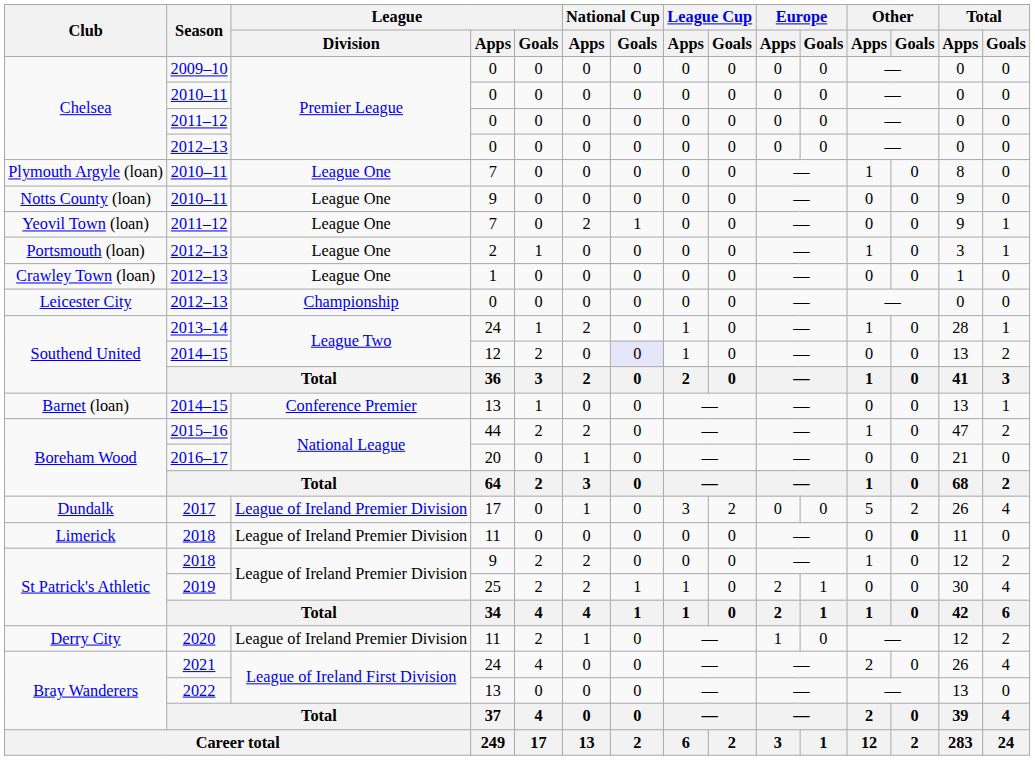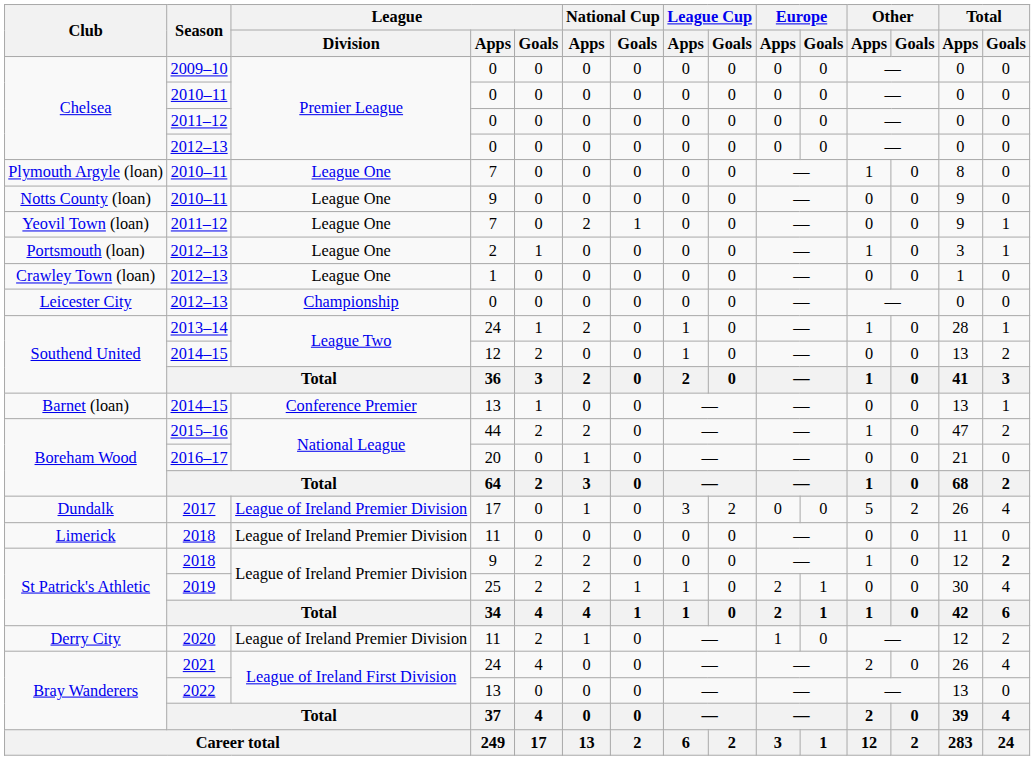 <table class="wikitable" style="text-align:center">
 <tr>
 <th rowspan="2">Club</th>
 <th rowspan="2">Season</th>
 <th colspan="3">League</th>
 <th colspan="2">National Cup</th>
 <th colspan="2"><a href='#'>League Cup</a></th>
 <th colspan="2"><a href='#'>Europe</a></th>
 <th colspan="2">Other</th>
 <th colspan="2">Total</th>
 </tr>
 <tr>
 <th>Division</th>
 <th>Apps</th>
 <th>Goals</th>
 <th>Apps</th>
 <th>Goals</th>
 <th>Apps</th>
 <th>Goals</th>
 <th>Apps</th>
 <th>Goals</th>
 <th>Apps</th>
 <th>Goals</th>
 <th>Apps</th>
 <th>Goals</th>
 </tr>
 <tr>
 <td rowspan="4"><a href='#'>Chelsea</a></td>
 <td><a href='#'>2009–10</a></td>
 <td rowspan="4"><a href='#'>Premier League</a></td>
 <td>0</td>
 <td>0</td>
 <td>0</td>
 <td>0</td>
 <td>0</td>
 <td>0</td>
 <td>0</td>
 <td>0</td>
 <td colspan="2">—</td>
 <td>0</td>
 <td>0</td>
 </tr>
 <tr>
 <td><a href='#'>2010–11</a></td>
 <td>0</td>
 <td>0</td>
 <td>0</td>
 <td>0</td>
 <td>0</td>
 <td>0</td>
 <td>0</td>
 <td>0</td>
 <td colspan="2">—</td>
 <td>0</td>
 <td>0</td>
 </tr>
 <tr>
 <td><a href='#'>2011–12</a></td>
 <td>0</td>
 <td>0</td>
 <td>0</td>
 <td>0</td>
 <td>0</td>
 <td>0</td>
 <td>0</td>
 <td>0</td>
 <td colspan="2">—</td>
 <td>0</td>
 <td>0</td>
 </tr>
 <tr>
 <td><a href='#'>2012–13</a></td>
 <td>0</td>
 <td>0</td>
 <td>0</td>
 <td>0</td>
 <td>0</td>
 <td>0</td>
 <td>0</td>
 <td>0</td>
 <td colspan="2">—</td>
 <td>0</td>
 <td>0</td>
 </tr>
 <tr>
 <td><a href='#'>Plymouth Argyle</a> (loan)</td>
 <td><a href='#'>2010–11</a></td>
 <td><a href='#'>League One</a></td>
 <td>7</td>
 <td>0</td>
 <td>0</td>
 <td>0</td>
 <td>0</td>
 <td>0</td>
 <td colspan="2">—</td>
 <td>1</td>
 <td>0</td>
 <td>8</td>
 <td>0</td>
 </tr>
 <tr>
 <td><a href='#'>Notts County</a> (loan)</td>
 <td><a href='#'>2010–11</a></td>
 <td>League One</td>
 <td>9</td>
 <td>0</td>
 <td>0</td>
 <td>0</td>
 <td>0</td>
 <td>0</td>
 <td colspan="2">—</td>
 <td>0</td>
 <td>0</td>
 <td>9</td>
 <td>0</td>
 </tr>
 <tr>
 <td><a href='#'>Yeovil Town</a> (loan)</td>
 <td><a href='#'>2011–12</a></td>
 <td>League One</td>
 <td>7</td>
 <td>0</td>
 <td>2</td>
 <td>1</td>
 <td>0</td>
 <td>0</td>
 <td colspan="2">—</td>
 <td>0</td>
 <td>0</td>
 <td>9</td>
 <td>1</td>
 </tr>
 <tr>
 <td><a href='#'>Portsmouth</a> (loan)</td>
 <td><a href='#'>2012–13</a></td>
 <td>League One</td>
 <td>2</td>
 <td>1</td>
 <td>0</td>
 <td>0</td>
 <td>0</td>
 <td>0</td>
 <td colspan="2">—</td>
 <td>1</td>
 <td>0</td>
 <td>3</td>
 <td>1</td>
 </tr>
 <tr>
 <td><a href='#'>Crawley Town</a> (loan)</td>
 <td><a href='#'>2012–13</a></td>
 <td>League One</td>
 <td>1</td>
 <td>0</td>
 <td>0</td>
 <td>0</td>
 <td>0</td>
 <td>0</td>
 <td colspan="2">—</td>
 <td>0</td>
 <td>0</td>
 <td>1</td>
 <td>0</td>
 </tr>
 <tr>
 <td><a href='#'>Leicester City</a></td>
 <td><a href='#'>2012–13</a></td>
 <td><a href='#'>Championship</a></td>
 <td>0</td>
 <td>0</td>
 <td>0</td>
 <td>0</td>
 <td>0</td>
 <td>0</td>
 <td colspan="2">—</td>
 <td colspan="2">—</td>
 <td>0</td>
 <td>0</td>
 </tr>
 <tr>
 <td rowspan="3"><a href='#'>Southend United</a></td>
 <td><a href='#'>2013–14</a></td>
 <td rowspan="2"><a href='#'>League Two</a></td>
 <td>24</td>
 <td>1</td>
 <td>2</td>
 <td>0</td>
 <td>1</td>
 <td>0</td>
 <td colspan="2">—</td>
 <td>1</td>
 <td>0</td>
 <td>28</td>
 <td>1</td>
 </tr>
 <tr>
 <td><a href='#'>2014–15</a></td>
 <td>12</td>
 <td>2</td>
 <td>0</td>
-<td style="background: lavender;">0</td>
+<td>0</td>
 <td>1</td>
 <td>0</td>
 <td colspan="2">—</td>
 <td>0</td>
 <td>0</td>
 <td>13</td>
 <td>2</td>
 </tr>
 <tr>
 <th colspan="2">Total</th>
 <th>36</th>
 <th>3</th>
 <th>2</th>
 <th>0</th>
 <th>2</th>
 <th>0</th>
 <th colspan="2">—</th>
 <th>1</th>
 <th>0</th>
 <th>41</th>
 <th>3</th>
 </tr>
 <tr>
 <td><a href='#'>Barnet</a> (loan)</td>
 <td><a href='#'>2014–15</a></td>
 <td><a href='#'>Conference Premier</a></td>
 <td>13</td>
 <td>1</td>
 <td>0</td>
 <td>0</td>
 <td colspan="2">—</td>
 <td colspan="2">—</td>
 <td>0</td>
 <td>0</td>
 <td>13</td>
 <td>1</td>
 </tr>
 <tr>
 <td rowspan="3"><a href='#'>Boreham Wood</a></td>
 <td><a href='#'>2015–16</a></td>
 <td rowspan="2"><a href='#'>National League</a></td>
 <td>44</td>
 <td>2</td>
 <td>2</td>
 <td>0</td>
 <td colspan="2">—</td>
 <td colspan="2">—</td>
 <td>1</td>
 <td>0</td>
 <td>47</td>
 <td>2</td>
 </tr>
 <tr>
 <td><a href='#'>2016–17</a></td>
 <td>20</td>
 <td>0</td>
 <td>1</td>
 <td>0</td>
 <td colspan="2">—</td>
 <td colspan="2">—</td>
 <td>0</td>
 <td>0</td>
 <td>21</td>
 <td>0</td>
 </tr>
 <tr>
 <th colspan="2">Total</th>
 <th>64</th>
 <th>2</th>
 <th>3</th>
 <th>0</th>
 <th colspan="2">—</th>
 <th colspan="2">—</th>
 <th>1</th>
 <th>0</th>
 <th>68</th>
 <th>2</th>
 </tr>
 <tr>
 <td><a href='#'>Dundalk</a></td>
 <td><a href='#'>2017</a></td>
 <td><a href='#'>League of Ireland Premier Division</a></td>
 <td>17</td>
 <td>0</td>
 <td>1</td>
 <td>0</td>
 <td>3</td>
 <td>2</td>
 <td>0</td>
 <td>0</td>
 <td>5</td>
 <td>2</td>
 <td>26</td>
 <td>4</td>
 </tr>
 <tr>
 <td><a href='#'>Limerick</a></td>
 <td><a href='#'>2018</a></td>
 <td>League of Ireland Premier Division</td>
 <td>11</td>
 <td>0</td>
 <td>0</td>
 <td>0</td>
 <td>0</td>
 <td>0</td>
 <td colspan="2">—</td>
 <td>0</td>
-<td><strong>0</strong></td>
+<td>0</td>
 <td>11</td>
 <td>0</td>
 </tr>
 <tr>
 <td rowspan="3"><a href='#'>St Patrick's Athletic</a></td>
 <td><a href='#'>2018</a></td>
 <td rowspan="2">League of Ireland Premier Division</td>
 <td>9</td>
 <td>2</td>
 <td>2</td>
 <td>0</td>
 <td>0</td>
 <td>0</td>
 <td colspan="2">—</td>
 <td>1</td>
 <td>0</td>
 <td>12</td>
-<td>2</td>
+<td><strong>2</strong></td>
 </tr>
 <tr>
 <td><a href='#'>2019</a></td>
 <td>25</td>
 <td>2</td>
 <td>2</td>
 <td>1</td>
 <td>1</td>
 <td>0</td>
 <td>2</td>
 <td>1</td>
 <td>0</td>
 <td>0</td>
 <td>30</td>
 <td>4</td>
 </tr>
 <tr>
 <th colspan="2">Total</th>
 <th>34</th>
 <th>4</th>
 <th>4</th>
 <th>1</th>
 <th>1</th>
 <th>0</th>
 <th>2</th>
 <th>1</th>
 <th>1</th>
 <th>0</th>
 <th>42</th>
 <th>6</th>
 </tr>
 <tr>
 <td><a href='#'>Derry City</a></td>
 <td><a href='#'>2020</a></td>
 <td>League of Ireland Premier Division</td>
 <td>11</td>
 <td>2</td>
 <td>1</td>
 <td>0</td>
 <td colspan="2">—</td>
 <td>1</td>
 <td>0</td>
 <td colspan="2">—</td>
 <td>12</td>
 <td>2</td>
 </tr>
 <tr>
 <td rowspan="3"><a href='#'>Bray Wanderers</a></td>
 <td><a href='#'>2021</a></td>
 <td rowspan="2"><a href='#'>League of Ireland First Division</a></td>
 <td>24</td>
 <td>4</td>
 <td>0</td>
 <td>0</td>
 <td colspan="2">—</td>
 <td colspan="2">—</td>
 <td>2</td>
 <td>0</td>
 <td>26</td>
 <td>4</td>
 </tr>
 <tr>
 <td><a href='#'>2022</a></td>
 <td>13</td>
 <td>0</td>
 <td>0</td>
 <td>0</td>
 <td colspan="2">—</td>
 <td colspan="2">—</td>
 <td colspan="2">—</td>
 <td>13</td>
 <td>0</td>
 </tr>
 <tr>
 <th colspan="2">Total</th>
 <th>37</th>
 <th>4</th>
 <th>0</th>
 <th>0</th>
 <th colspan="2">—</th>
 <th colspan="2">—</th>
 <th>2</th>
 <th>0</th>
 <th>39</th>
 <th>4</th>
 </tr>
 <tr>
 <th colspan="3">Career total</th>
 <th>249</th>
 <th>17</th>
 <th>13</th>
 <th>2</th>
 <th>6</th>
 <th>2</th>
 <th>3</th>
 <th>1</th>
 <th>12</th>
 <th>2</th>
 <th>283</th>
 <th>24</th>
 </tr>
 </table>
